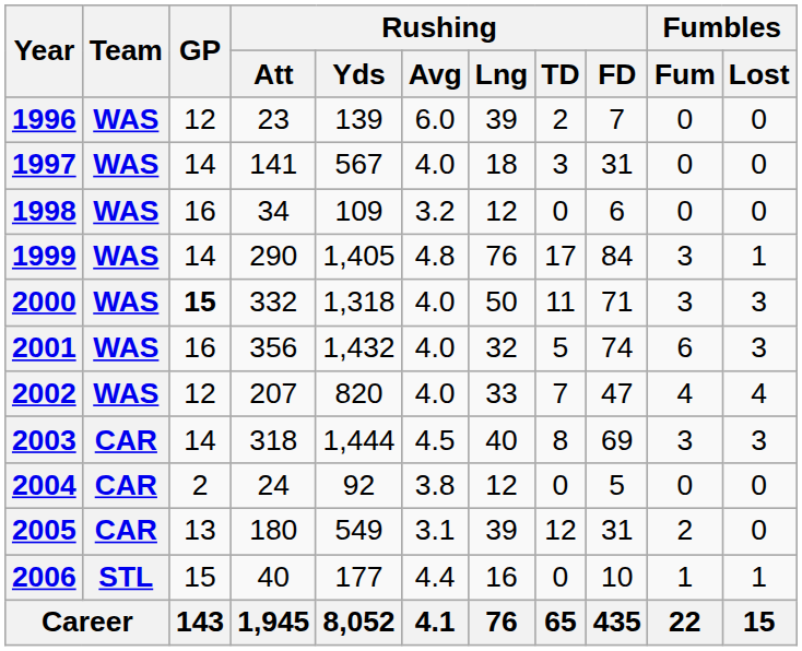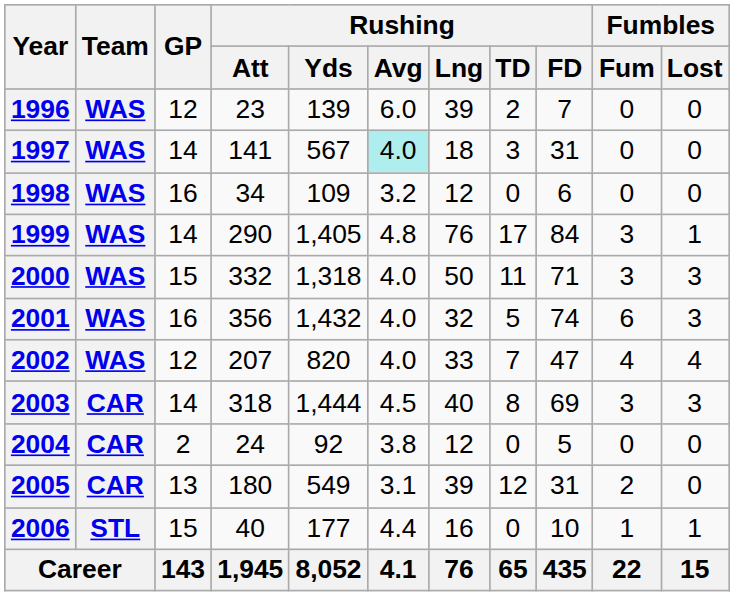 <table class="wikitable" style="text-align: center;">
 <tr>
 <th rowspan="2">Year</th>
 <th rowspan="2">Team</th>
 <th rowspan="2">GP</th>
 <th colspan="6">Rushing</th>
 <th colspan="2">Fumbles</th>
 </tr>
 <tr>
 <th>Att</th>
 <th>Yds</th>
 <th>Avg</th>
 <th>Lng</th>
 <th>TD</th>
 <th>FD</th>
 <th>Fum</th>
 <th>Lost</th>
 </tr>
 <tr>
 <th><a href='#'>1996</a></th>
 <th><a href='#'>WAS</a></th>
 <td>12</td>
 <td>23</td>
 <td>139</td>
 <td>6.0</td>
 <td>39</td>
 <td>2</td>
 <td>7</td>
 <td>0</td>
 <td>0</td>
 </tr>
 <tr>
 <th><a href='#'>1997</a></th>
 <th><a href='#'>WAS</a></th>
 <td>14</td>
 <td>141</td>
 <td>567</td>
-<td>4.0</td>
+<td style="background: paleturquoise;">4.0</td>
 <td>18</td>
 <td>3</td>
 <td>31</td>
 <td>0</td>
 <td>0</td>
 </tr>
 <tr>
 <th><a href='#'>1998</a></th>
 <th><a href='#'>WAS</a></th>
 <td>16</td>
 <td>34</td>
 <td>109</td>
 <td>3.2</td>
 <td>12</td>
 <td>0</td>
 <td>6</td>
 <td>0</td>
 <td>0</td>
 </tr>
 <tr>
 <th><a href='#'>1999</a></th>
 <th><a href='#'>WAS</a></th>
 <td>14</td>
 <td>290</td>
 <td>1,405</td>
 <td>4.8</td>
 <td>76</td>
 <td>17</td>
 <td>84</td>
 <td>3</td>
 <td>1</td>
 </tr>
 <tr>
 <th><a href='#'>2000</a></th>
 <th><a href='#'>WAS</a></th>
-<td><strong>15</strong></td>
+<td>15</td>
 <td>332</td>
 <td>1,318</td>
 <td>4.0</td>
 <td>50</td>
 <td>11</td>
 <td>71</td>
 <td>3</td>
 <td>3</td>
 </tr>
 <tr>
 <th><a href='#'>2001</a></th>
 <th><a href='#'>WAS</a></th>
 <td>16</td>
 <td>356</td>
 <td>1,432</td>
 <td>4.0</td>
 <td>32</td>
 <td>5</td>
 <td>74</td>
 <td>6</td>
 <td>3</td>
 </tr>
 <tr>
 <th><a href='#'>2002</a></th>
 <th><a href='#'>WAS</a></th>
 <td>12</td>
 <td>207</td>
 <td>820</td>
 <td>4.0</td>
 <td>33</td>
 <td>7</td>
 <td>47</td>
 <td>4</td>
 <td>4</td>
 </tr>
 <tr>
 <th><a href='#'>2003</a></th>
 <th><a href='#'>CAR</a></th>
 <td>14</td>
 <td>318</td>
 <td>1,444</td>
 <td>4.5</td>
 <td>40</td>
 <td>8</td>
 <td>69</td>
 <td>3</td>
 <td>3</td>
 </tr>
 <tr>
 <th><a href='#'>2004</a></th>
 <th><a href='#'>CAR</a></th>
 <td>2</td>
 <td>24</td>
 <td>92</td>
 <td>3.8</td>
 <td>12</td>
 <td>0</td>
 <td>5</td>
 <td>0</td>
 <td>0</td>
 </tr>
 <tr>
 <th><a href='#'>2005</a></th>
 <th><a href='#'>CAR</a></th>
 <td>13</td>
 <td>180</td>
 <td>549</td>
 <td>3.1</td>
 <td>39</td>
 <td>12</td>
 <td>31</td>
 <td>2</td>
 <td>0</td>
 </tr>
 <tr>
 <th><a href='#'>2006</a></th>
 <th><a href='#'>STL</a></th>
 <td>15</td>
 <td>40</td>
 <td>177</td>
 <td>4.4</td>
 <td>16</td>
 <td>0</td>
 <td>10</td>
 <td>1</td>
 <td>1</td>
 </tr>
 <tr>
 <th colspan="2">Career</th>
 <th>143</th>
 <th>1,945</th>
 <th>8,052</th>
 <th>4.1</th>
 <th>76</th>
 <th>65</th>
 <th>435</th>
 <th>22</th>
 <th>15</th>
 </tr>
 </table>
